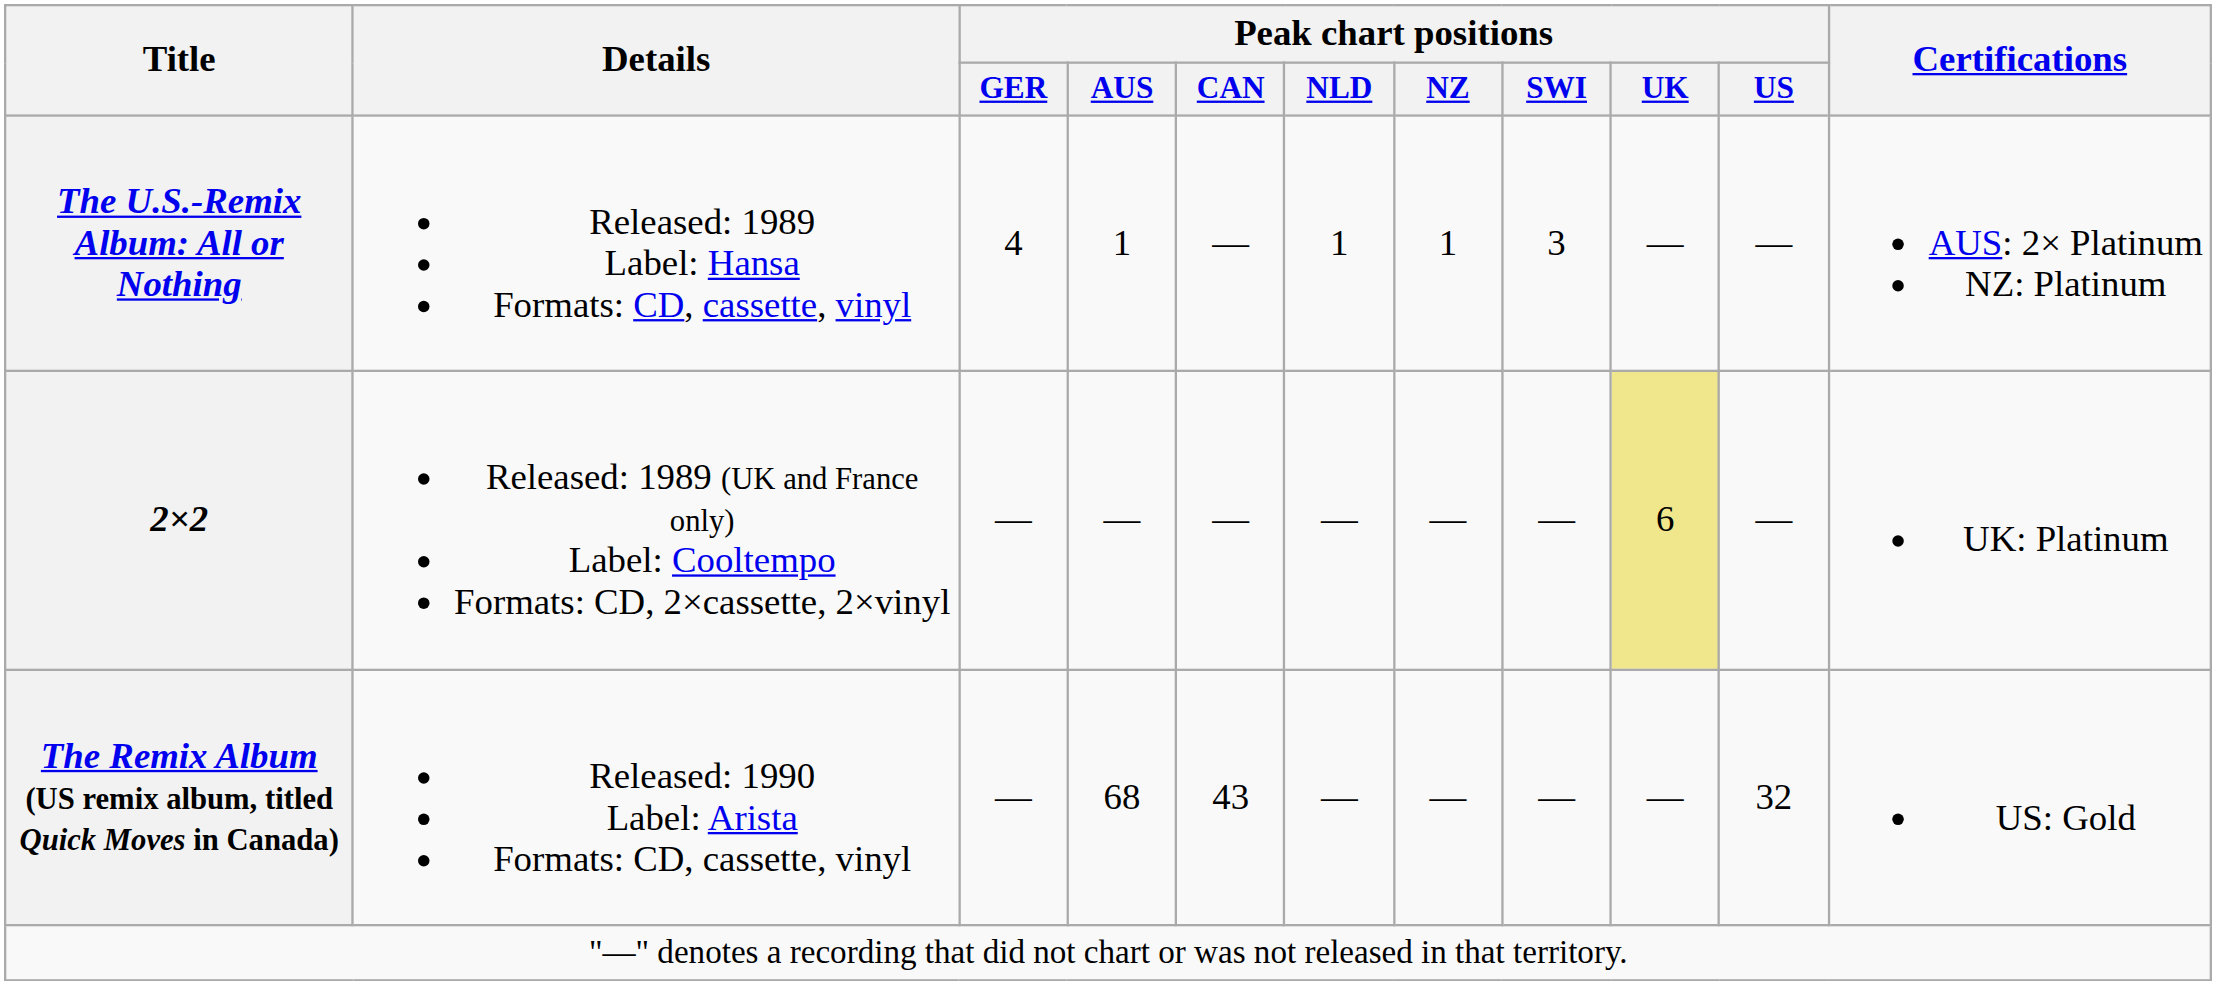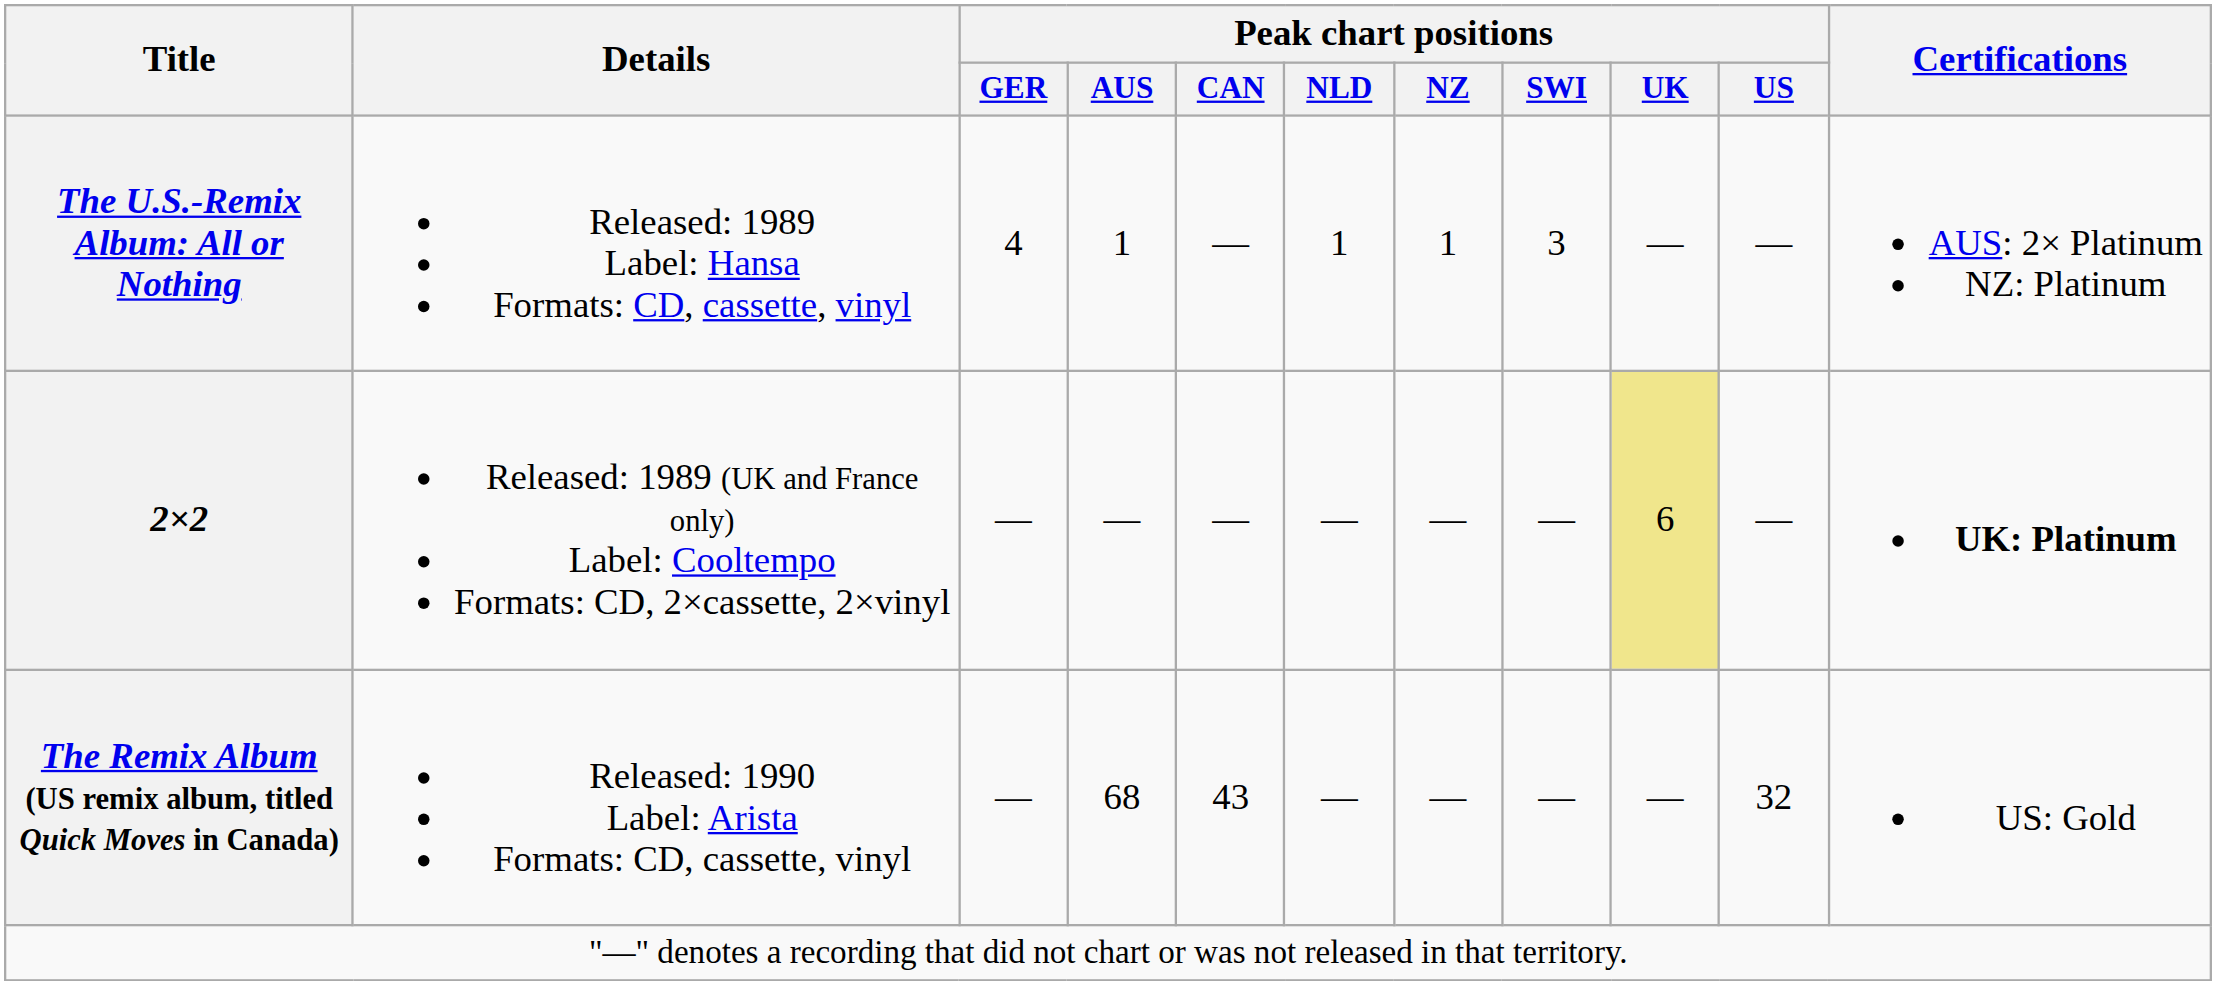 <table class="wikitable plainrowheaders" style="text-align:center;" border="1">
 <tr>
 <th scope="col" rowspan="2" style="width:9em;">Title</th>
 <th scope="col" rowspan="2" style="width:16em;">Details</th>
 <th scope="col" colspan="8">Peak chart positions</th>
 <th scope="col" rowspan="2"><a href='#'>Certifications</a></th>
 </tr>
 <tr>
 <th scope="col" style="width:3em;font-size:85%;"><a href='#'>GER</a><br></th>
 <th scope="col" style="width:3em;font-size:85%;"><a href='#'>AUS</a><br></th>
 <th scope="col" style="width:3em;font-size:85%;"><a href='#'>CAN</a><br></th>
 <th scope="col" style="width:3em;font-size:85%;"><a href='#'>NLD</a><br></th>
 <th scope="col" style="width:3em;font-size:85%;"><a href='#'>NZ</a><br></th>
 <th scope="col" style="width:3em;font-size:85%;"><a href='#'>SWI</a><br></th>
 <th scope="col" style="width:3em;font-size:85%;"><a href='#'>UK</a><br></th>
 <th scope="col" style="width:3em;font-size:85%;"><a href='#'>US</a><br></th>
 </tr>
 <tr>
 <th scope="row"><em><a href='#'>The U.S.-Remix Album: All or Nothing</a></em></th>
 <td><br><ul><li>Released: 1989</li><li>Label: <a href='#'>Hansa</a></li><li>Formats: <a href='#'>CD</a>, <a href='#'>cassette</a>, <a href='#'>vinyl</a></li></ul></td>
 <td>4</td>
 <td>1</td>
 <td>—</td>
 <td>1</td>
 <td>1</td>
 <td>3</td>
 <td>—</td>
 <td>—</td>
 <td><br><ul><li><a href='#'>AUS</a>: 2× Platinum</li><li>NZ: Platinum</li></ul></td>
 </tr>
 <tr>
 <th scope="row"><em>2×2</em></th>
 <td><br><ul><li>Released: 1989 <small>(UK and France only)</small></li><li>Label: <a href='#'>Cooltempo</a></li><li>Formats: CD, 2×cassette, 2×vinyl</li></ul></td>
 <td>—</td>
 <td>—</td>
 <td>—</td>
 <td>—</td>
 <td>—</td>
 <td>—</td>
 <td style="background: khaki;">6</td>
 <td>—</td>
-<td><br><ul><li>UK: Platinum</li></ul></td>
+<td><strong><br><ul><li>UK: Platinum</li></ul></strong></td>
 </tr>
 <tr>
 <th scope="row"><em><a href='#'>The Remix Album</a></em> <small>(US remix album, titled <em>Quick Moves</em> in Canada)</small></th>
 <td><br><ul><li>Released: 1990</li><li>Label: <a href='#'>Arista</a></li><li>Formats: CD, cassette, vinyl</li></ul></td>
 <td>—</td>
 <td>68</td>
 <td>43</td>
 <td>—</td>
 <td>—</td>
 <td>—</td>
 <td>—</td>
 <td>32</td>
 <td><br><ul><li>US: Gold</li></ul></td>
 </tr>
 <tr>
 <td colspan="13" align="center" style="font-size:90%">"—" denotes a recording that did not chart or was not released in that territory.</td>
 </tr>
 </table>
